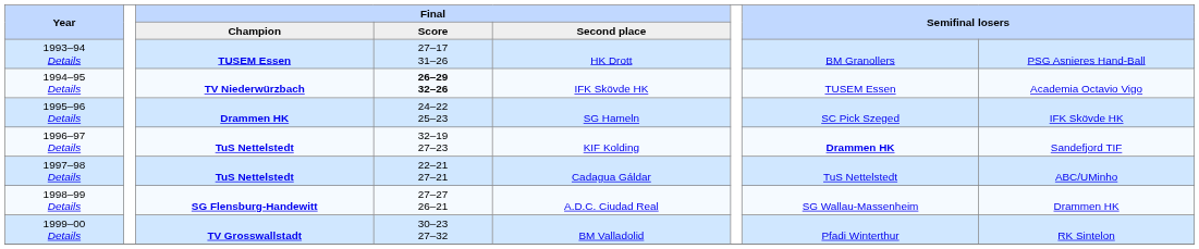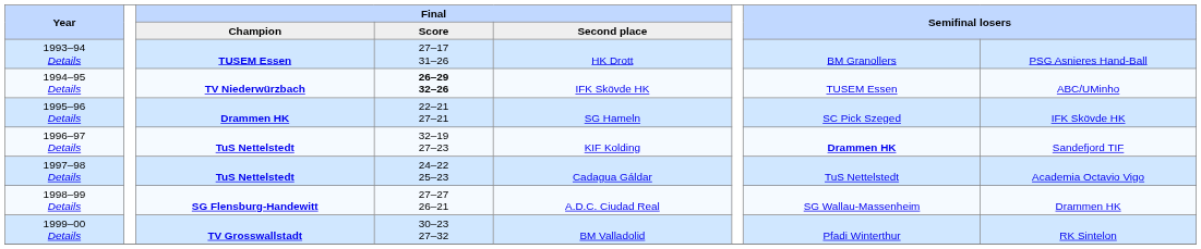 <table border=1 style="border-collapse:collapse; font-size:90%;" cellpadding=3 cellspacing=0 width=100%>
 <tr bgcolor=#C1D8FF>
 <th rowspan=2 width="10%">Year</th>
 <th rowspan="9" width="1%" bgcolor="ffffff"></th>
 <th colspan=3>Final</th>
 <th rowspan="9" width="1%" bgcolor="ffffff"></th>
 <th colspan=2 rowspan="2" width="40%">Semifinal losers</th>
 </tr>
 <tr bgcolor=#EFEFEF>
 <th width="20%">Champion</th>
 <th width="10%">Score</th>
 <th width="20%">Second place</th>
 </tr>
 <tr align=center bgcolor=#D0E7FF>
 <td>1993–94<br><em><a href='#'>Details</a></em></td>
 <td><br> <strong><a href='#'>TUSEM Essen</a></strong></td>
 <td>27–17 <br> 31–26</td>
 <td><br> <a href='#'>HK Drott</a></td>
 <td><br><a href='#'>BM Granollers</a></td>
 <td><br> <a href='#'>PSG Asnieres Hand-Ball</a></td>
 </tr>
 <tr align=center bgcolor=#F5FAFF>
 <td>1994–95<br><em><a href='#'>Details</a></em></td>
 <td><br> <strong><a href='#'>TV Niederwürzbach</a></strong></td>
 <td><strong>26–29 <br> 32–26</strong></td>
 <td><br> <a href='#'>IFK Skövde HK</a></td>
 <td><br> <a href='#'>TUSEM Essen</a></td>
-<td><br> <a href='#'>Academia Octavio Vigo</a></td>
+<td><br> <a href='#'>ABC/UMinho</a></td>
 </tr>
 <tr align=center bgcolor=#D0E7FF>
 <td>1995–96<br><em><a href='#'>Details</a></em></td>
 <td><br> <strong><a href='#'>Drammen HK</a></strong></td>
-<td>24–22 <br> 25–23</td>
+<td>22–21 <br> 27–21</td>
 <td><br> <a href='#'>SG Hameln</a></td>
 <td><br> <a href='#'>SC Pick Szeged</a></td>
 <td><br> <a href='#'>IFK Skövde HK</a></td>
 </tr>
 <tr align=center bgcolor=#F5FAFF>
 <td>1996–97<br><em><a href='#'>Details</a></em></td>
 <td><br> <strong><a href='#'>TuS Nettelstedt</a></strong></td>
 <td>32–19 <br> 27–23</td>
 <td><br> <a href='#'>KIF Kolding</a></td>
 <td><strong><br> <a href='#'>Drammen HK</a></strong></td>
 <td><br> <a href='#'>Sandefjord TIF</a></td>
 </tr>
 <tr align=center bgcolor=#D0E7FF>
 <td>1997–98<br><em><a href='#'>Details</a></em></td>
 <td><br> <strong><a href='#'>TuS Nettelstedt</a></strong></td>
-<td>22–21 <br> 27–21</td>
+<td>24–22 <br> 25–23</td>
 <td><br> <a href='#'>Cadagua Gáldar</a></td>
 <td><br> <a href='#'>TuS Nettelstedt</a></td>
-<td><br> <a href='#'>ABC/UMinho</a></td>
+<td><br> <a href='#'>Academia Octavio Vigo</a></td>
 </tr>
 <tr align=center bgcolor=#F5FAFF>
 <td>1998–99<br><em><a href='#'>Details</a></em></td>
 <td><br> <strong><a href='#'>SG Flensburg-Handewitt</a></strong></td>
 <td>27–27 <br> 26–21</td>
 <td><br> <a href='#'>A.D.C. Ciudad Real</a></td>
 <td><br> <a href='#'>SG Wallau-Massenheim</a></td>
 <td><br> <a href='#'>Drammen HK</a></td>
 </tr>
 <tr align=center bgcolor=#D0E7FF>
 <td>1999–00<br><em><a href='#'>Details</a></em></td>
 <td><br> <strong><a href='#'>TV Grosswallstadt</a></strong></td>
 <td>30–23 <br> 27–32</td>
 <td><br> <a href='#'>BM Valladolid</a></td>
 <td><br> <a href='#'>Pfadi Winterthur</a></td>
 <td><br> <a href='#'>RK Sintelon</a></td>
 </tr>
 <tr>
 </tr>
 </table>
